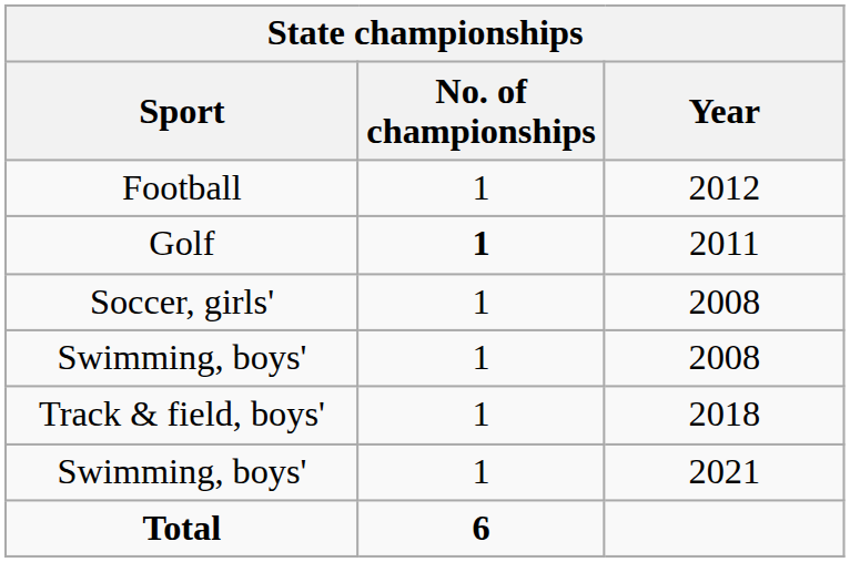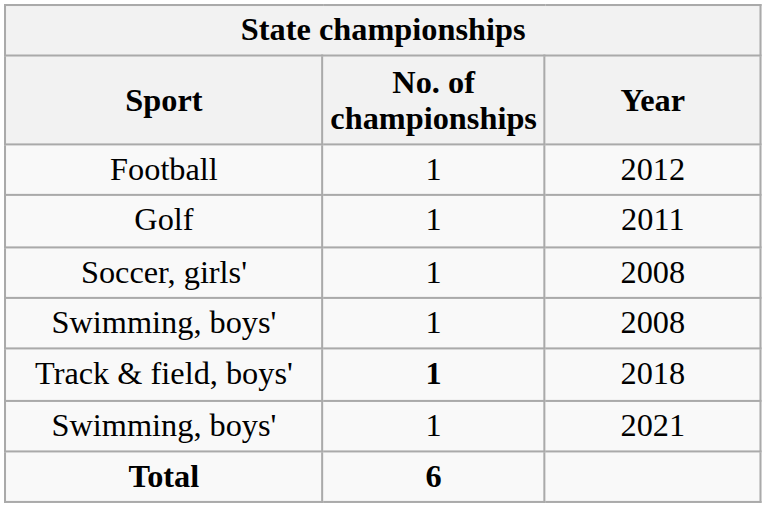 <table class="wikitable sortable" style="text-align: center;">
 <tr>
 <th colspan="3">State championships</th>
 </tr>
 <tr>
 <th width="150px" class="unsortable">Sport</th>
 <th width="100px" class="unsortable">No. of championships</th>
 <th width="100px" class="unsortable">Year</th>
 </tr>
 <tr>
 <td>Football</td>
 <td>1</td>
 <td>2012</td>
 </tr>
 <tr>
 <td>Golf</td>
-<td><strong>1</strong></td>
+<td>1</td>
 <td>2011</td>
 </tr>
 <tr>
 <td>Soccer, girls'</td>
 <td>1</td>
 <td>2008</td>
 </tr>
 <tr>
 <td>Swimming, boys'</td>
 <td>1</td>
 <td>2008</td>
 </tr>
 <tr>
 <td>Track & field, boys'</td>
-<td>1</td>
+<td><strong>1</strong></td>
 <td>2018</td>
 </tr>
 <tr>
 <td>Swimming, boys'</td>
 <td>1</td>
 <td>2021</td>
 </tr>
 <tr>
 <td><strong>Total</strong></td>
 <td><strong>6</strong></td>
 <td> </td>
 </tr>
 </table>
